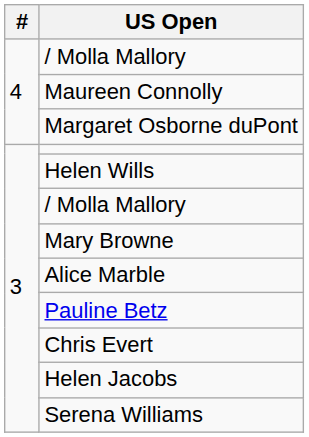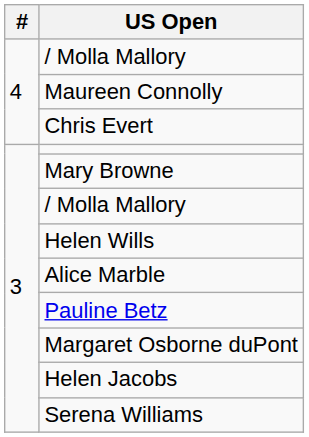 <table class="wikitable">
 <tr>
 <th style="width:18px;">#</th>
 <th>US Open</th>
 </tr>
 <tr>
 <td rowspan="3">4</td>
 <td>/ Molla Mallory</td>
 </tr>
 <tr>
 <td> Maureen Connolly</td>
 </tr>
 <tr>
-<td> Margaret Osborne duPont</td>
+<td> Chris Evert</td>
 </tr>
 <tr>
 <td rowspan="9">3</td>
 <td></td>
 </tr>
 <tr>
-<td> Helen Wills </td>
+<td> Mary Browne</td>
 </tr>
 <tr>
 <td>/ Molla Mallory </td>
 </tr>
 <tr>
-<td> Mary Browne</td>
+<td> Helen Wills </td>
 </tr>
 <tr>
 <td> Alice Marble</td>
 </tr>
 <tr>
 <td> <a href='#'>Pauline Betz</a></td>
 </tr>
 <tr>
-<td> Chris Evert</td>
+<td> Margaret Osborne duPont</td>
 </tr>
 <tr>
 <td> Helen Jacobs</td>
 </tr>
 <tr>
 <td> Serena Williams</td>
 </tr>
 </table>
